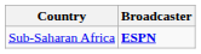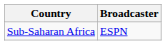 <table class="wikitable">
 <tr>
 <th>Country</th>
 <th>Broadcaster</th>
 </tr>
 <tr>
 <td><a href='#'>Sub-Saharan Africa</a></td>
-<td><strong><a href='#'>ESPN</a></strong></td>
+<td><a href='#'>ESPN</a></td>
 </tr>
 </table>
